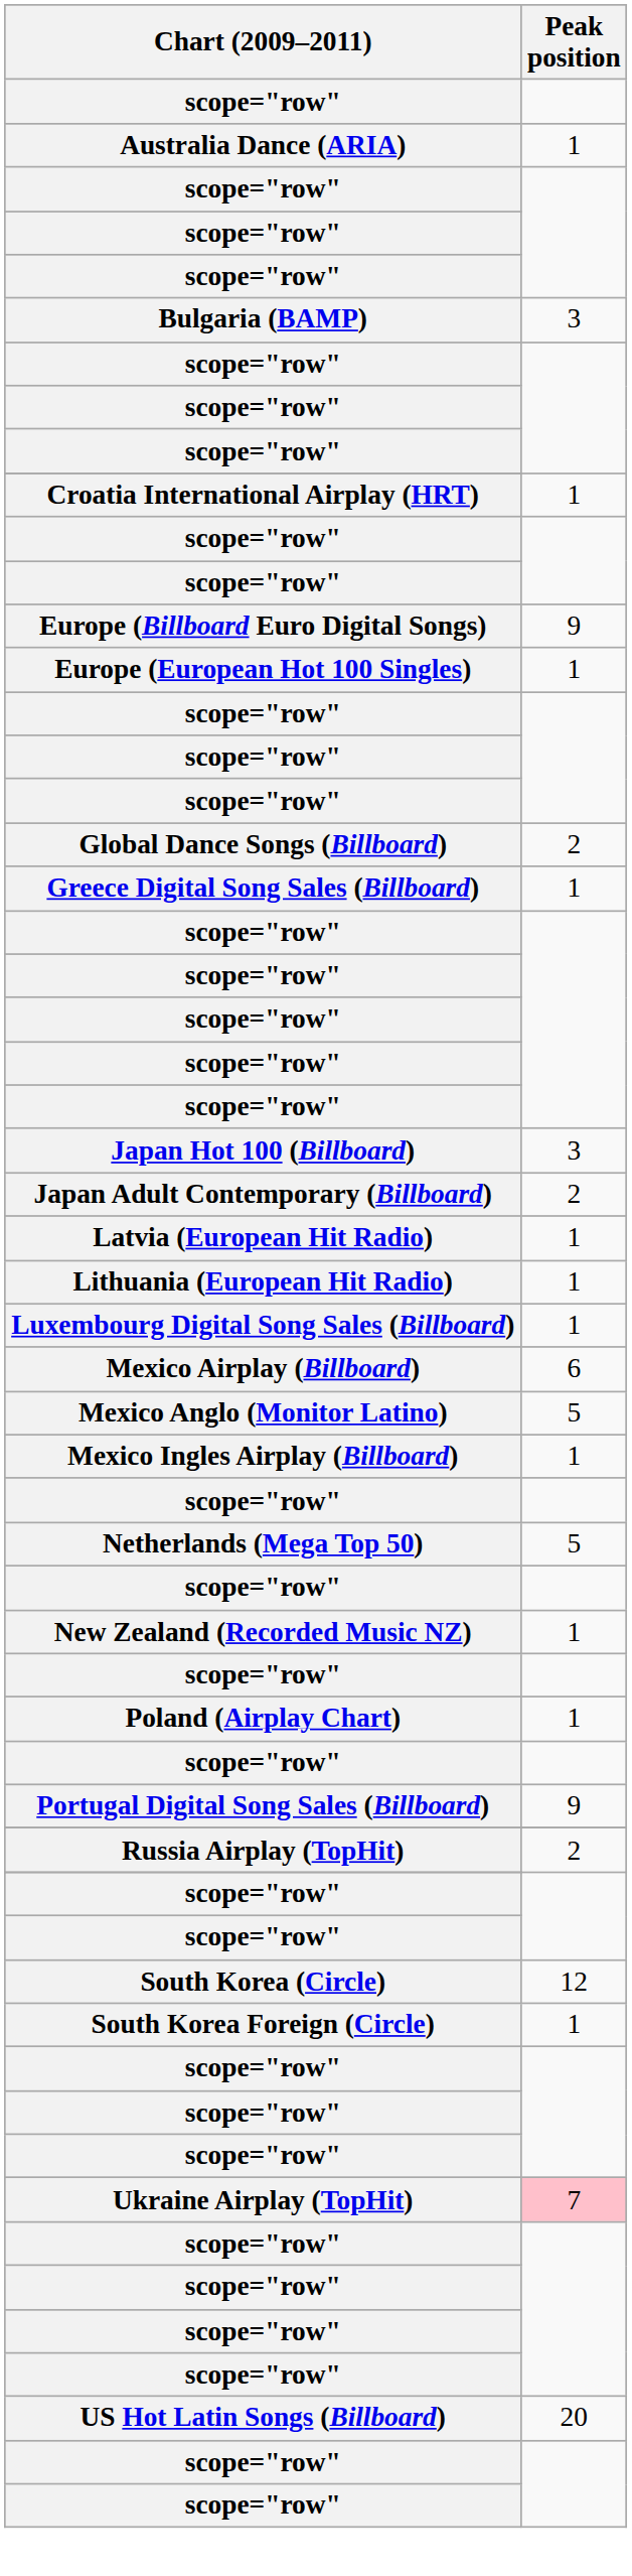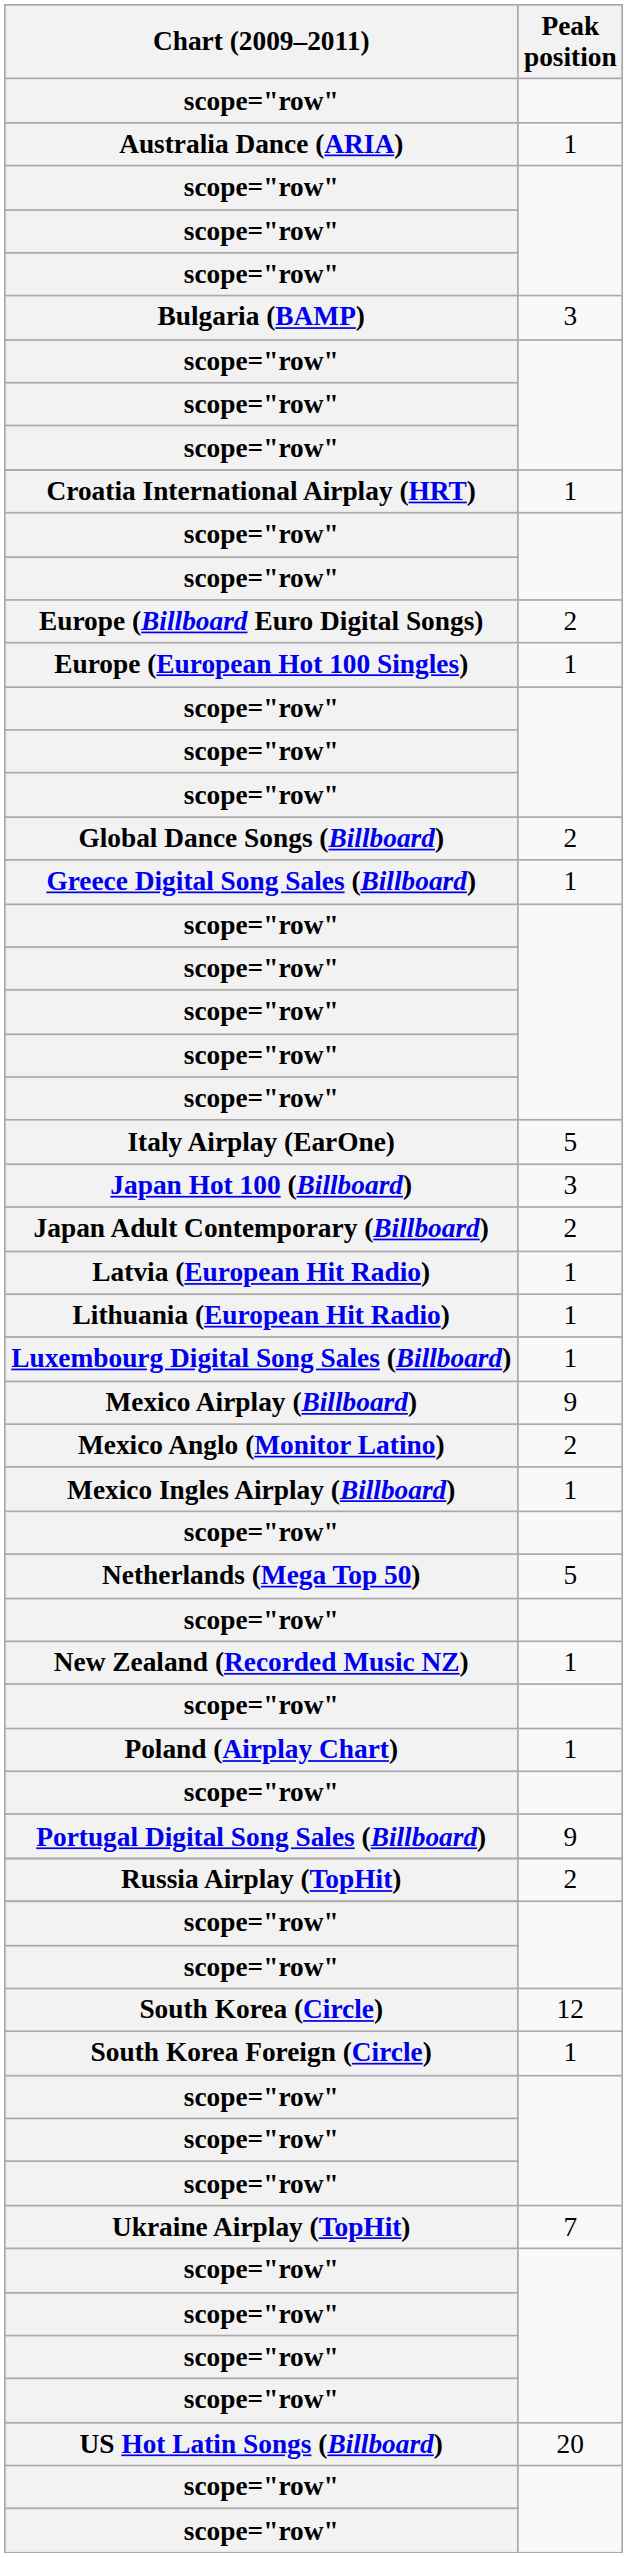 <table class="wikitable sortable plainrowheaders">
 <tr>
 <th scope="col">Chart (2009–2011)</th>
 <th scope="col">Peak<br>position</th>
 </tr>
 <tr>
 <th>scope="row" </th>
 </tr>
 <tr>
 <th scope="row">Australia Dance (<a href='#'>ARIA</a>)</th>
 <td style="text-align:center;">1</td>
 </tr>
 <tr>
 <th>scope="row" </th>
 </tr>
 <tr>
 <th>scope="row" </th>
 </tr>
 <tr>
 <th>scope="row" </th>
 </tr>
 <tr>
 <th scope="row">Bulgaria (<a href='#'>BAMP</a>)</th>
 <td style="text-align:center;">3</td>
 </tr>
 <tr>
 <th>scope="row" </th>
 </tr>
 <tr>
 <th>scope="row" </th>
 </tr>
 <tr>
 <th>scope="row" </th>
 </tr>
 <tr>
 </tr>
 <tr>
 <th scope="row">Croatia International Airplay (<a href='#'>HRT</a>)</th>
 <td align="center">1</td>
 </tr>
 <tr>
 <th>scope="row" </th>
 </tr>
 <tr>
 <th>scope="row" </th>
 </tr>
 <tr>
 <th scope="row">Europe (<em><a href='#'>Billboard</a></em> Euro Digital Songs)</th>
-<td style="text-align:center;">9</td>
+<td style="text-align:center;">2</td>
 </tr>
 <tr>
 <th scope="row">Europe (<a href='#'>European Hot 100 Singles</a>)</th>
 <td style="text-align:center;">1</td>
 </tr>
 <tr>
 <th>scope="row" </th>
 </tr>
 <tr>
 <th>scope="row" </th>
 </tr>
 <tr>
 <th>scope="row" </th>
 </tr>
 <tr>
 <th scope="row">Global Dance Songs (<a href='#'><em>Billboard</em></a>)</th>
 <td style="text-align:center;">2</td>
 </tr>
 <tr>
 <th scope="row"><a href='#'>Greece Digital Song Sales</a> (<em><a href='#'>Billboard</a></em>)</th>
 <td style="text-align:center;">1</td>
 </tr>
 <tr>
 <th>scope="row" </th>
 </tr>
 <tr>
 <th>scope="row" </th>
 </tr>
 <tr>
 <th>scope="row" </th>
 </tr>
 <tr>
 <th>scope="row" </th>
 </tr>
 <tr>
 <th>scope="row" </th>
 </tr>
 <tr>
+<th scope="row">Italy Airplay (EarOne)</th>
+<td style="text-align:center;">5</td>
+</tr>
+<tr>
 <th scope="row"><a href='#'>Japan Hot 100</a> (<em><a href='#'>Billboard</a></em>)</th>
 <td style="text-align:center;">3</td>
 </tr>
 <tr>
 <th scope="row">Japan Adult Contemporary (<em><a href='#'>Billboard</a></em>)</th>
 <td style="text-align:center;">2</td>
 </tr>
 <tr>
 <th scope="row">Latvia (<a href='#'>European Hit Radio</a>)</th>
 <td style="text-align:center;">1</td>
 </tr>
 <tr>
 <th scope="row">Lithuania (<a href='#'>European Hit Radio</a>)</th>
 <td style="text-align:center;">1</td>
 </tr>
 <tr>
 <th scope="row"><a href='#'>Luxembourg Digital Song Sales</a> (<em><a href='#'>Billboard</a></em>)</th>
 <td style="text-align:center;">1</td>
 </tr>
 <tr>
 <th scope="row">Mexico Airplay (<em><a href='#'>Billboard</a></em>)</th>
-<td style="text-align:center;">6</td>
+<td style="text-align:center;">9</td>
 </tr>
 <tr ->
 <th scope="row">Mexico Anglo (<a href='#'>Monitor Latino</a>)</th>
-<td style="text-align:center;">5</td>
+<td style="text-align:center;">2</td>
 </tr>
 <tr>
 <th scope="row">Mexico Ingles Airplay (<em><a href='#'>Billboard</a></em>)</th>
 <td style="text-align:center;">1</td>
 </tr>
 <tr>
 <th>scope="row" </th>
 </tr>
 <tr>
 <th scope="row">Netherlands (<a href='#'>Mega Top 50</a>)</th>
 <td style="text-align:center;">5</td>
 </tr>
 <tr>
 <th>scope="row" </th>
 </tr>
 <tr>
 <th scope="row">New Zealand (<a href='#'>Recorded Music NZ</a>)</th>
 <td style="text-align:center;">1</td>
 </tr>
 <tr>
 <th>scope="row" </th>
 </tr>
 <tr>
 <th scope="row">Poland (<a href='#'>Airplay Chart</a>)</th>
 <td style="text-align:center;">1</td>
 </tr>
 <tr>
 <th>scope="row" </th>
 </tr>
 <tr>
 <th scope="row"><a href='#'>Portugal Digital Song Sales</a> (<em><a href='#'>Billboard</a></em>)</th>
 <td style="text-align:center;">9</td>
 </tr>
 <tr>
 </tr>
 <tr>
 </tr>
 <tr>
 <th scope="row">Russia Airplay (<a href='#'>TopHit</a>)</th>
 <td style="text-align:center;">2</td>
 </tr>
 <tr>
 </tr>
 <tr>
 <th>scope="row" </th>
 </tr>
 <tr>
 <th>scope="row" </th>
 </tr>
 <tr>
 <th scope="row">South Korea (<a href='#'>Circle</a>)</th>
 <td style="text-align:center;">12</td>
 </tr>
 <tr>
 <th scope="row">South Korea Foreign (<a href='#'>Circle</a>)</th>
 <td style="text-align:center;">1</td>
 </tr>
 <tr>
 <th>scope="row" </th>
 </tr>
 <tr>
 <th>scope="row" </th>
 </tr>
 <tr>
 <th>scope="row" </th>
 </tr>
 <tr>
 <th scope="row">Ukraine Airplay (<a href='#'>TopHit</a>)</th>
-<td style="background: pink; text-align:center;">7</td>
+<td style="text-align:center;">7</td>
 </tr>
 <tr>
 <th>scope="row" </th>
 </tr>
 <tr>
 <th>scope="row" </th>
 </tr>
 <tr>
 <th>scope="row" </th>
 </tr>
 <tr>
 <th>scope="row" </th>
 </tr>
 <tr>
 <th scope="row">US <a href='#'>Hot Latin Songs</a> (<em><a href='#'>Billboard</a></em>)</th>
 <td style="text-align:center;">20</td>
 </tr>
 <tr>
 <th>scope="row" </th>
 </tr>
 <tr>
 <th>scope="row" </th>
 </tr>
 </table>
